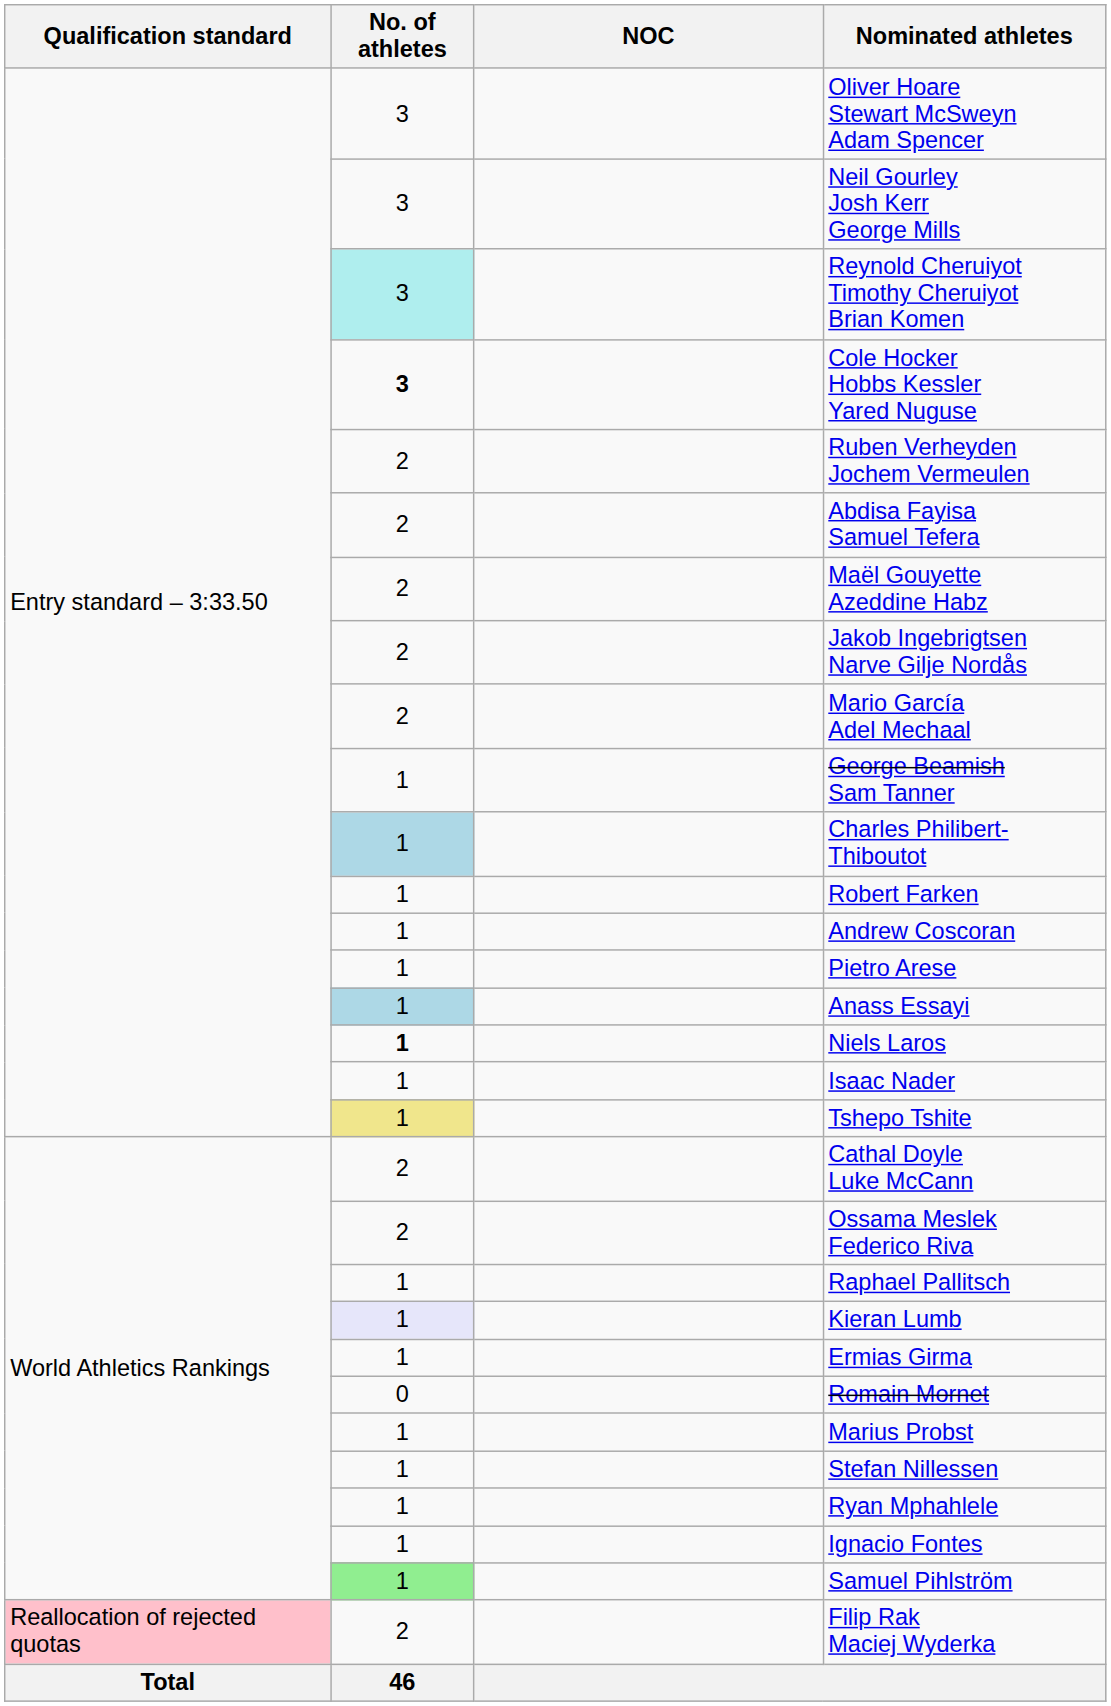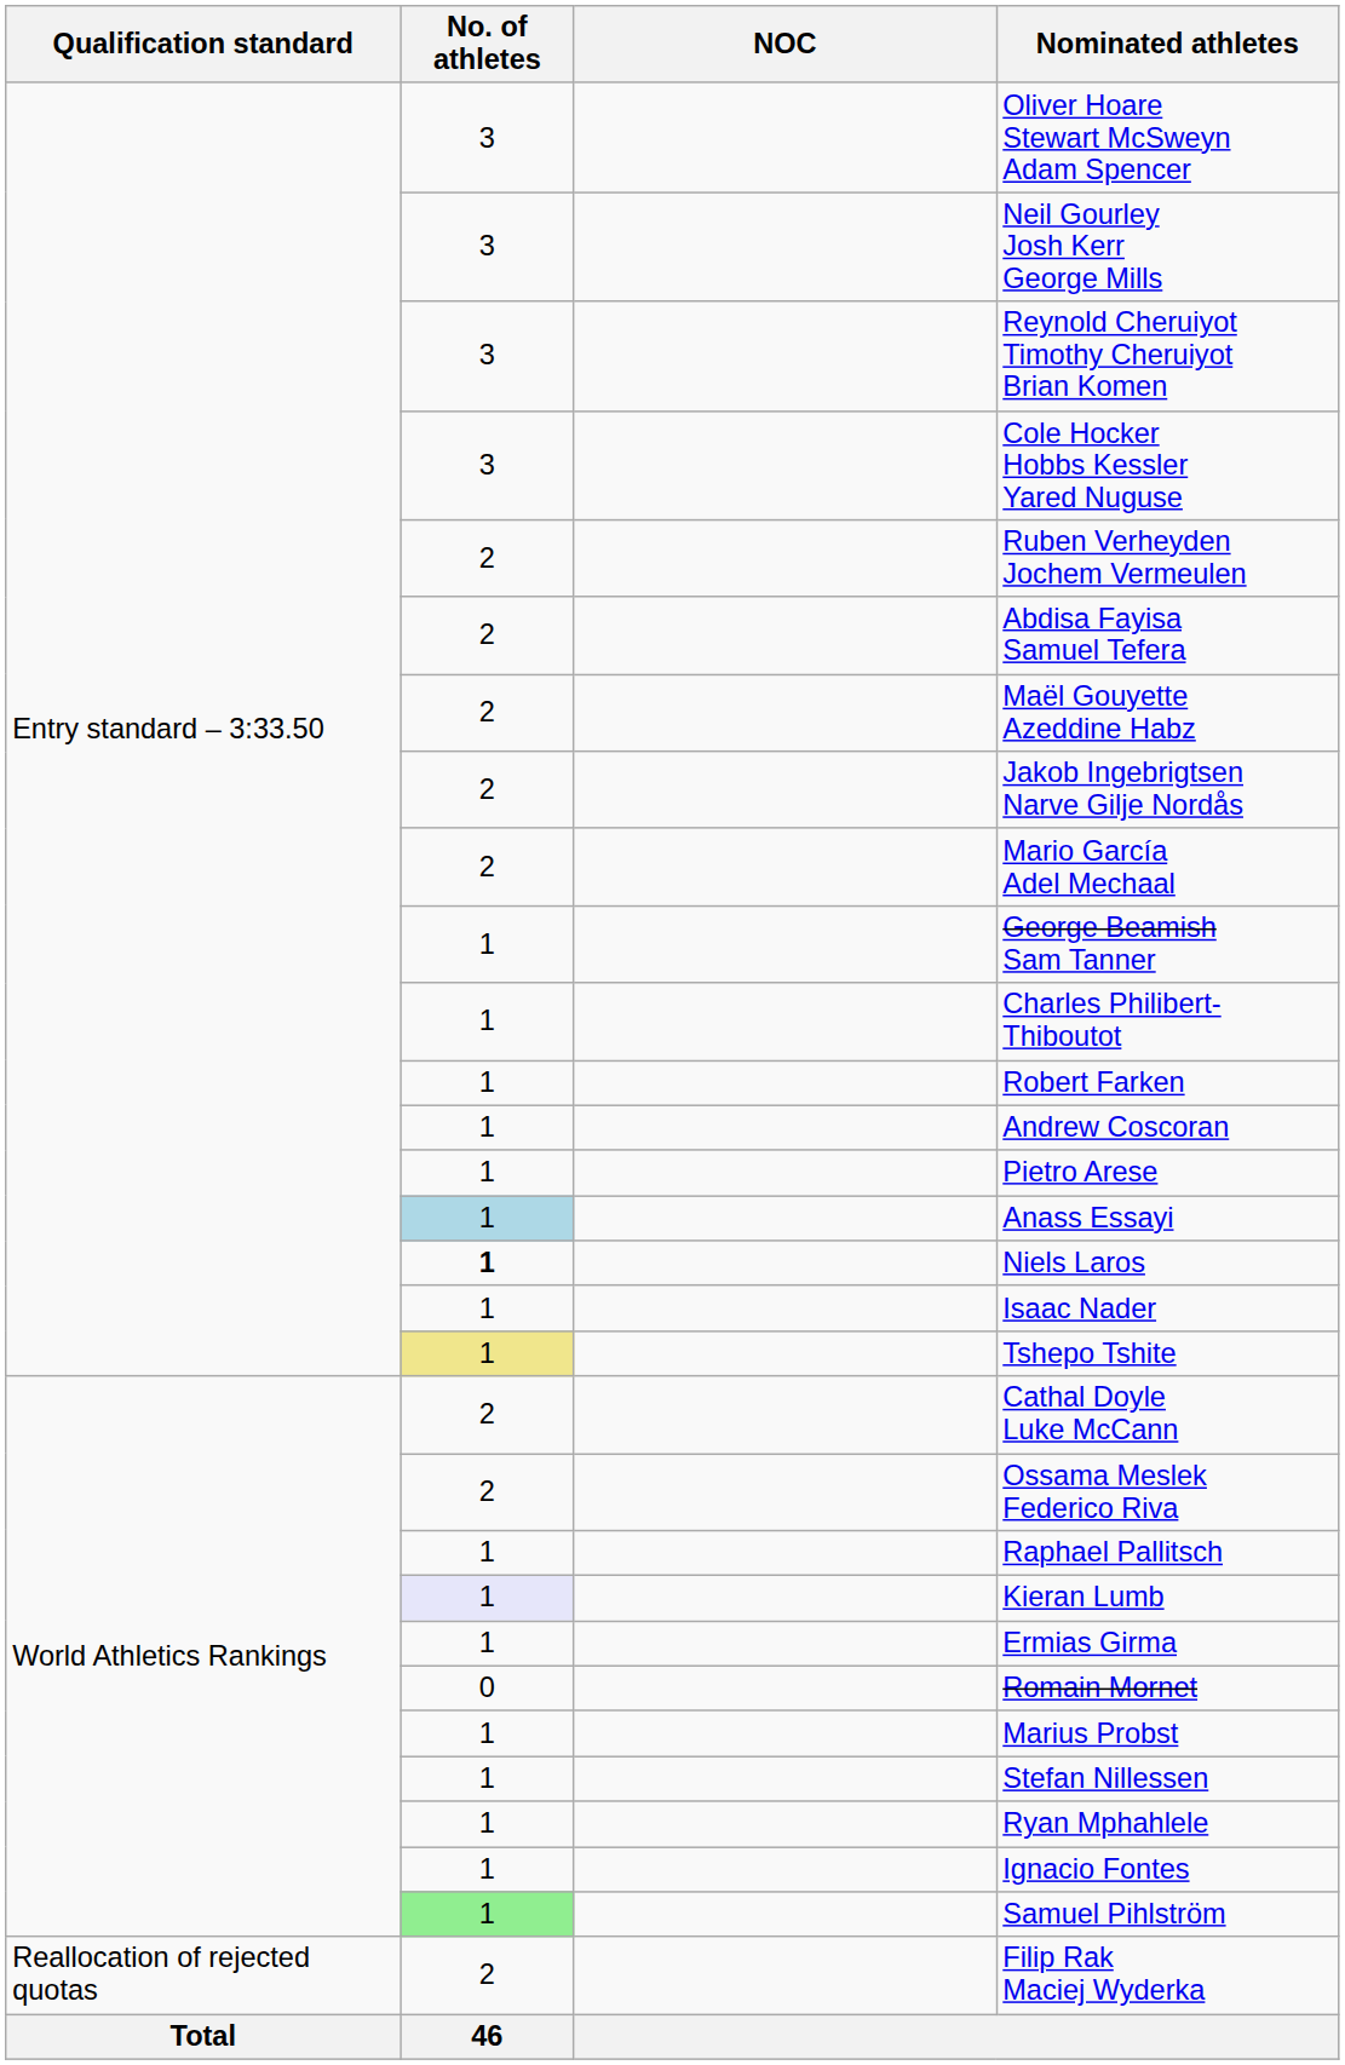 <table class="wikitable sortable" style="text-align:left; width:750px;">
 <tr>
 <th>Qualification standard</th>
 <th width=90>No. of athletes</th>
 <th width=230>NOC</th>
 <th>Nominated athletes</th>
 </tr>
 <tr>
 <td rowspan=18>Entry standard – 3:33.50</td>
 <td align=center>3</td>
 <td></td>
 <td><a href='#'>Oliver Hoare</a><br><a href='#'>Stewart McSweyn</a><br><a href='#'>Adam Spencer</a></td>
 </tr>
 <tr>
 <td align=center>3</td>
 <td></td>
 <td><a href='#'>Neil Gourley</a><br><a href='#'>Josh Kerr</a><br><a href='#'>George Mills</a></td>
 </tr>
 <tr>
-<td align=center style="background: paleturquoise;">3</td>
+<td align=center>3</td>
 <td></td>
 <td><a href='#'>Reynold Cheruiyot</a><br><a href='#'>Timothy Cheruiyot</a><br><a href='#'>Brian Komen</a></td>
 </tr>
 <tr>
-<td align=center><strong>3</strong></td>
+<td align=center>3</td>
 <td></td>
 <td><a href='#'>Cole Hocker</a><br><a href='#'>Hobbs Kessler</a><br><a href='#'>Yared Nuguse</a></td>
 </tr>
 <tr>
 <td align=center>2</td>
 <td></td>
 <td><a href='#'>Ruben Verheyden</a><br><a href='#'>Jochem Vermeulen</a></td>
 </tr>
 <tr>
 <td align=center>2</td>
 <td></td>
 <td><a href='#'>Abdisa Fayisa</a><br><a href='#'>Samuel Tefera</a></td>
 </tr>
 <tr>
 <td align=center>2</td>
 <td></td>
 <td><a href='#'>Maël Gouyette</a><br><a href='#'>Azeddine Habz</a></td>
 </tr>
 <tr>
 <td align=center>2</td>
 <td></td>
 <td><a href='#'>Jakob Ingebrigtsen</a><br><a href='#'>Narve Gilje Nordås</a></td>
 </tr>
 <tr>
 <td align=center>2</td>
 <td></td>
 <td><a href='#'>Mario García</a><br><a href='#'>Adel Mechaal</a></td>
 </tr>
 <tr>
 <td align=center>1</td>
 <td></td>
 <td><s><a href='#'>George Beamish</a></s><br><a href='#'>Sam Tanner</a></td>
 </tr>
 <tr>
-<td align=center style="background: lightblue;">1</td>
+<td align=center>1</td>
 <td></td>
 <td><a href='#'>Charles Philibert-Thiboutot</a></td>
 </tr>
 <tr>
 <td align=center>1</td>
 <td></td>
 <td><a href='#'>Robert Farken</a></td>
 </tr>
 <tr>
 <td align=center>1</td>
 <td></td>
 <td><a href='#'>Andrew Coscoran</a></td>
 </tr>
 <tr>
 <td align=center>1</td>
 <td></td>
 <td><a href='#'>Pietro Arese</a></td>
 </tr>
 <tr>
 <td align=center style="background: lightblue;">1</td>
 <td></td>
 <td><a href='#'>Anass Essayi</a></td>
 </tr>
 <tr>
 <td align=center><strong>1</strong></td>
 <td></td>
 <td><a href='#'>Niels Laros</a></td>
 </tr>
 <tr>
 <td align=center>1</td>
 <td></td>
 <td><a href='#'>Isaac Nader</a></td>
 </tr>
 <tr>
 <td align=center style="background: khaki;">1</td>
 <td></td>
 <td><a href='#'>Tshepo Tshite</a></td>
 </tr>
 <tr>
 <td rowspan =11>World Athletics Rankings</td>
 <td align=center>2</td>
 <td></td>
 <td><a href='#'>Cathal Doyle</a><br><a href='#'>Luke McCann</a></td>
 </tr>
 <tr>
 <td align=center>2</td>
 <td></td>
 <td><a href='#'>Ossama Meslek</a><br><a href='#'>Federico Riva</a></td>
 </tr>
 <tr>
 <td align=center>1</td>
 <td></td>
 <td><a href='#'>Raphael Pallitsch</a></td>
 </tr>
 <tr>
 <td align=center style="background: lavender;">1</td>
 <td></td>
 <td><a href='#'>Kieran Lumb</a></td>
 </tr>
 <tr>
 <td align=center>1</td>
 <td></td>
 <td><a href='#'>Ermias Girma</a></td>
 </tr>
 <tr>
 <td align=center>0</td>
 <td><s></s></td>
 <td><s><a href='#'>Romain Mornet</a></s></td>
 </tr>
 <tr>
 <td align=center>1</td>
 <td></td>
 <td><a href='#'>Marius Probst</a></td>
 </tr>
 <tr>
 <td align=center>1</td>
 <td></td>
 <td><a href='#'>Stefan Nillessen</a></td>
 </tr>
 <tr>
 <td align=center>1</td>
 <td></td>
 <td><a href='#'>Ryan Mphahlele</a></td>
 </tr>
 <tr>
 <td align=center>1</td>
 <td></td>
 <td><a href='#'>Ignacio Fontes</a></td>
 </tr>
 <tr>
 <td align=center style="background: lightgreen;">1</td>
 <td></td>
 <td><a href='#'>Samuel Pihlström</a></td>
 </tr>
 <tr>
-<td rowspan =1 style="background: pink;">Reallocation of rejected quotas</td>
+<td rowspan =1>Reallocation of rejected quotas</td>
 <td align=center>2</td>
 <td></td>
 <td><a href='#'>Filip Rak</a><br><a href='#'>Maciej Wyderka</a></td>
 </tr>
 <tr>
 <th>Total</th>
 <th>46</th>
 <th colspan=2></th>
 </tr>
 </table>
